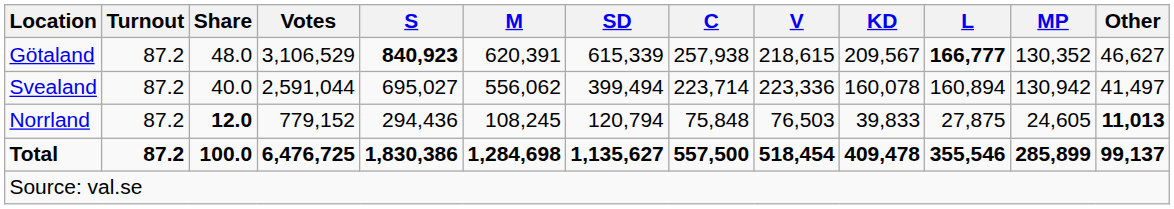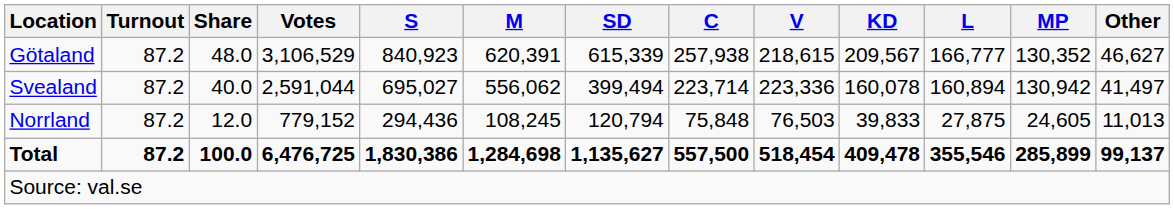 <table class="wikitable sortable" style=text-align:right>
 <tr>
 <th>Location</th>
 <th>Turnout</th>
 <th>Share</th>
 <th>Votes</th>
 <th><a href='#'>S</a></th>
 <th><a href='#'>M</a></th>
 <th><a href='#'>SD</a></th>
 <th><a href='#'>C</a></th>
 <th><a href='#'>V</a></th>
 <th><a href='#'>KD</a></th>
 <th><a href='#'>L</a></th>
 <th><a href='#'>MP</a></th>
 <th>Other</th>
 </tr>
 <tr>
 <td align=left><a href='#'>Götaland</a></td>
 <td>87.2</td>
 <td>48.0</td>
 <td>3,106,529</td>
-<td><strong>840,923</strong></td>
+<td>840,923</td>
 <td>620,391</td>
 <td>615,339</td>
 <td>257,938</td>
 <td>218,615</td>
 <td>209,567</td>
-<td><strong>166,777</strong></td>
+<td>166,777</td>
 <td>130,352</td>
 <td>46,627</td>
 </tr>
 <tr>
 <td align=left><a href='#'>Svealand</a></td>
 <td>87.2</td>
 <td>40.0</td>
 <td>2,591,044</td>
 <td>695,027</td>
 <td>556,062</td>
 <td>399,494</td>
 <td>223,714</td>
 <td>223,336</td>
 <td>160,078</td>
 <td>160,894</td>
 <td>130,942</td>
 <td>41,497</td>
 </tr>
 <tr>
 <td align=left><a href='#'>Norrland</a></td>
 <td>87.2</td>
-<td><strong>12.0</strong></td>
+<td>12.0</td>
 <td>779,152</td>
 <td>294,436</td>
 <td>108,245</td>
 <td>120,794</td>
 <td>75,848</td>
 <td>76,503</td>
 <td>39,833</td>
 <td>27,875</td>
 <td>24,605</td>
-<td><strong>11,013</strong></td>
+<td>11,013</td>
 </tr>
 <tr>
 <td align=left><strong>Total</strong></td>
 <td><strong>87.2</strong></td>
 <td><strong>100.0</strong></td>
 <td><strong>6,476,725</strong></td>
 <td><strong>1,830,386</strong></td>
 <td><strong>1,284,698</strong></td>
 <td><strong>1,135,627</strong></td>
 <td><strong>557,500</strong></td>
 <td><strong>518,454</strong></td>
 <td><strong>409,478</strong></td>
 <td><strong>355,546</strong></td>
 <td><strong>285,899</strong></td>
 <td><strong>99,137</strong></td>
 </tr>
 <tr>
 <td align=left colspan=13>Source: val.se </td>
 </tr>
 </table>
